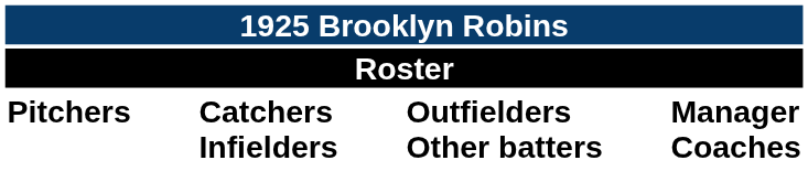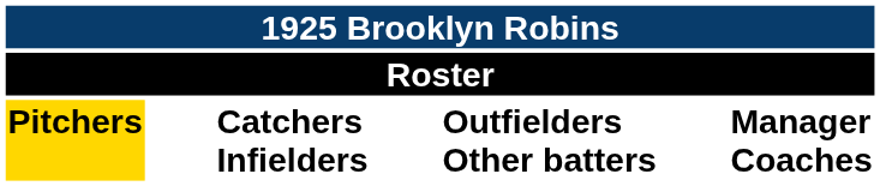 <table class="toccolours" style="font-size: 95%;">
 <tr>
 <th colspan="10" style="background-color: #083c6b; color: white; text-align: center;">1925 Brooklyn Robins</th>
 </tr>
 <tr>
 <td colspan="10" style="background-color: black; color: white; text-align: center;"><strong>Roster</strong></td>
 </tr>
 <tr>
-<td valign="top"><strong>Pitchers</strong><br>               </td>
+<td valign="top" style="background: gold;"><strong>Pitchers</strong><br>               </td>
 <td width="25px"></td>
 <td valign="top"><strong>Catchers</strong><br>   <strong>Infielders</strong>        </td>
 <td width="25px"></td>
 <td valign="top"><strong>Outfielders</strong><br>       <strong>Other batters</strong> </td>
 <td width="25px"></td>
 <td valign="top"><strong>Manager</strong><br> <strong>Coaches</strong> </td>
 </tr>
 </table>
